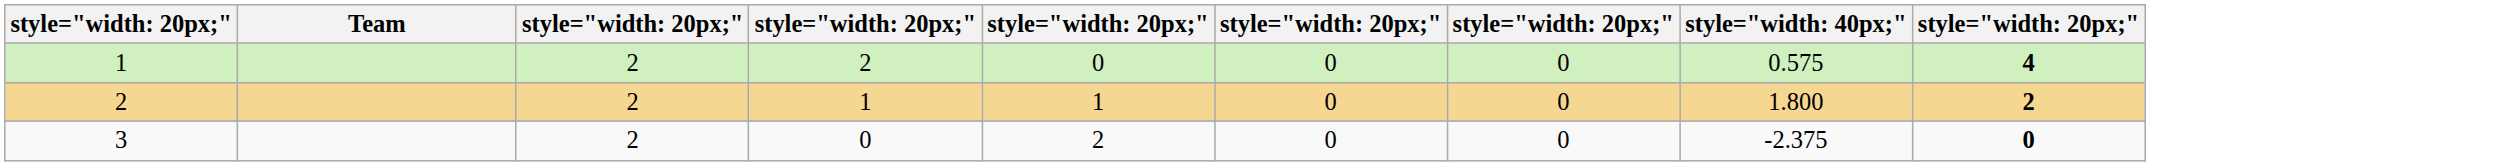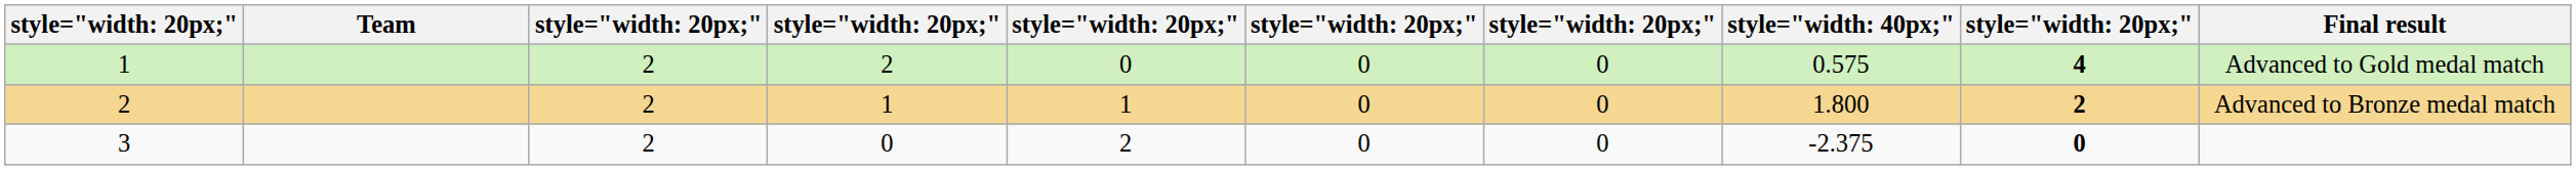 <table class="wikitable" border="1" style="text-align: center;">
 <tr>
 <th>style="width: 20px;"</th>
 <th style="width: 175px;">Team</th>
 <th>style="width: 20px;"</th>
 <th>style="width: 20px;"</th>
 <th>style="width: 20px;"</th>
 <th>style="width: 20px;"</th>
 <th>style="width: 20px;"</th>
 <th>style="width: 40px;"</th>
 <th>style="width: 20px;"</th>
+<th style="width: 230px;">Final result</th>
 </tr>
 <tr style="background:#D0F0C0;">
 <td>1</td>
 <td style="text-align:left"></td>
 <td>2</td>
 <td>2</td>
 <td>0</td>
 <td>0</td>
 <td>0</td>
 <td>0.575</td>
 <td><strong>4</strong></td>
+<td>Advanced to Gold medal match</td>
 </tr>
 <tr style="background:#F6D792;">
 <td>2</td>
 <td align=left></td>
 <td>2</td>
 <td>1</td>
 <td>1</td>
 <td>0</td>
 <td>0</td>
 <td>1.800</td>
 <td><strong>2</strong></td>
+<td>Advanced to Bronze medal match</td>
 </tr>
 <tr>
 <td>3</td>
 <td style="text-align:left"></td>
 <td>2</td>
 <td>0</td>
 <td>2</td>
 <td>0</td>
 <td>0</td>
 <td>-2.375</td>
 <td><strong>0</strong></td>
+<td></td>
 </tr>
 </table>
